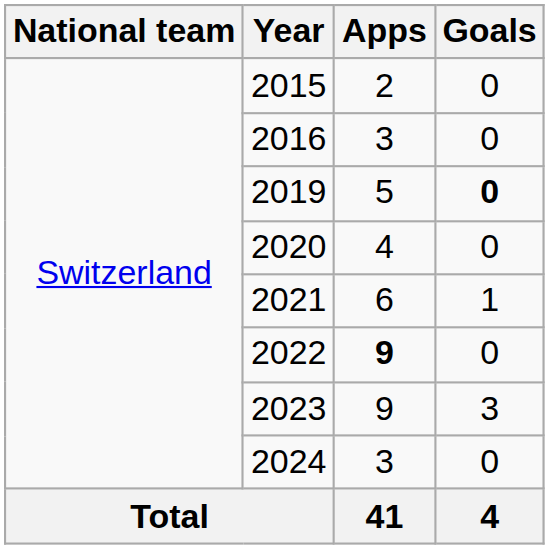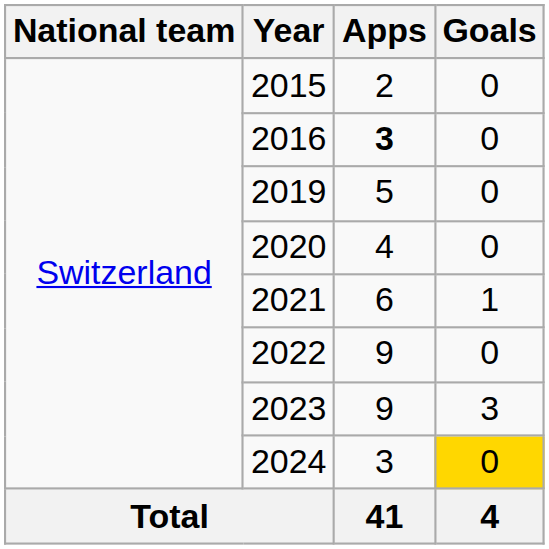 <table class="wikitable" style="text-align:center">
 <tr>
 <th>National team</th>
 <th>Year</th>
 <th>Apps</th>
 <th>Goals</th>
 </tr>
 <tr>
 <td rowspan="8"><a href='#'>Switzerland</a></td>
 <td>2015</td>
 <td>2</td>
 <td>0</td>
 </tr>
 <tr>
 <td>2016</td>
-<td>3</td>
+<td><strong>3</strong></td>
 <td>0</td>
 </tr>
 <tr>
 <td>2019</td>
 <td>5</td>
-<td><strong>0</strong></td>
+<td>0</td>
 </tr>
 <tr>
 <td>2020</td>
 <td>4</td>
 <td>0</td>
 </tr>
 <tr>
 <td>2021</td>
 <td>6</td>
 <td>1</td>
 </tr>
 <tr>
 <td>2022</td>
-<td><strong>9</strong></td>
+<td>9</td>
 <td>0</td>
 </tr>
 <tr>
 <td>2023</td>
 <td>9</td>
 <td>3</td>
 </tr>
 <tr>
 <td>2024</td>
 <td>3</td>
-<td>0</td>
+<td style="background: gold;">0</td>
 </tr>
 <tr>
 <th colspan="2">Total</th>
 <th>41</th>
 <th>4</th>
 </tr>
 </table>
